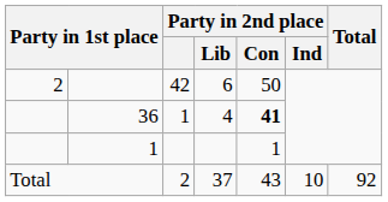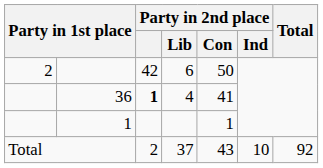 <table class="wikitable" style="text-align:right;">
 <tr>
 <th rowspan="2" colspan="2" style="text-align:left;">Party in 1st place</th>
 <th colspan="4">Party in 2nd place</th>
 <th rowspan="2">Total</th>
 </tr>
 <tr>
 <th></th>
 <th>Lib</th>
 <th>Con</th>
 <th>Ind</th>
 </tr>
 <tr>
 <td>2</td>
 <td></td>
 <td>42</td>
 <td>6</td>
 <td>50</td>
 </tr>
 <tr>
 <td></td>
 <td>36</td>
-<td>1</td>
+<td><strong>1</strong></td>
 <td>4</td>
-<td><strong>41</strong></td>
+<td>41</td>
 </tr>
 <tr>
 <td></td>
 <td>1</td>
 <td></td>
 <td></td>
 <td>1</td>
 </tr>
 <tr>
 <td colspan="2" style="text-align:left;">Total</td>
 <td>2</td>
 <td>37</td>
 <td>43</td>
 <td>10</td>
 <td>92</td>
 </tr>
 </table>
